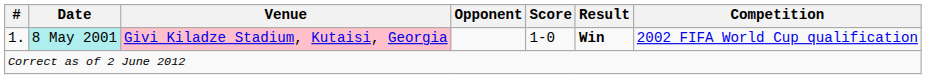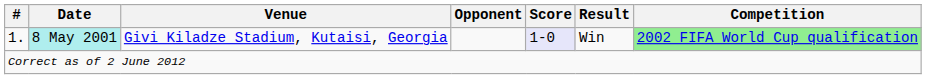 <table class="wikitable" style="font-size:95%;">
 <tr>
 <th>#</th>
 <th>Date</th>
 <th>Venue</th>
 <th>Opponent</th>
 <th>Score</th>
 <th>Result</th>
 <th>Competition</th>
 </tr>
 <tr>
 <td>1.</td>
 <td style="background: paleturquoise;">8 May 2001</td>
-<td style="background: pink;"><a href='#'>Givi Kiladze Stadium</a>, <a href='#'>Kutaisi</a>, <a href='#'>Georgia</a></td>
+<td><a href='#'>Givi Kiladze Stadium</a>, <a href='#'>Kutaisi</a>, <a href='#'>Georgia</a></td>
 <td></td>
-<td>1-0</td>
-<td><strong>Win</strong></td>
-<td><a href='#'>2002 FIFA World Cup qualification</a></td>
+<td style="background: lavender;">1-0</td>
+<td>Win</td>
+<td style="background: lightgreen;"><a href='#'>2002 FIFA World Cup qualification</a></td>
 </tr>
 <tr>
 <td colspan="12"><small><em>Correct as of 2 June 2012</em></small></td>
 </tr>
 </table>
